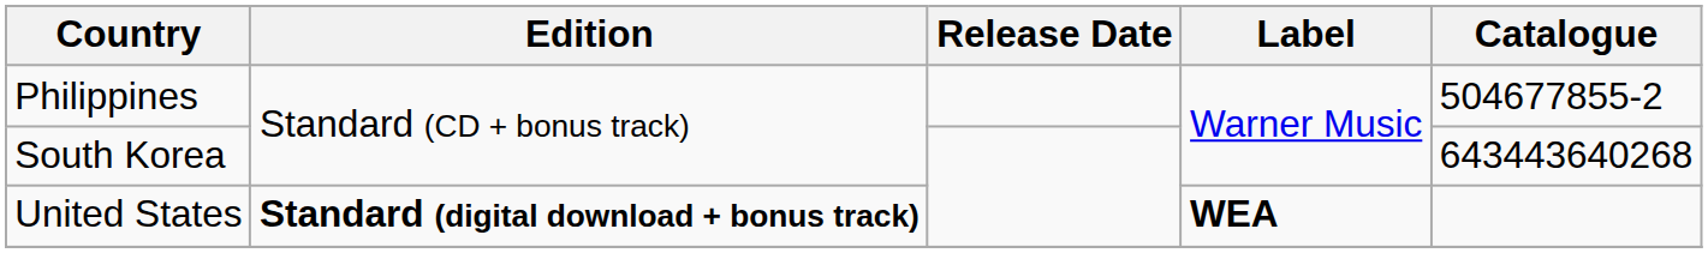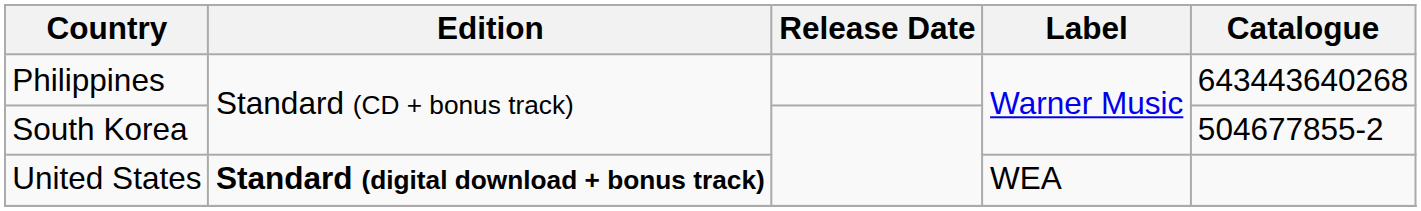 <table class="wikitable">
 <tr>
 <th>Country</th>
 <th>Edition</th>
 <th>Release Date</th>
 <th>Label</th>
 <th>Catalogue</th>
 </tr>
 <tr>
 <td>Philippines</td>
 <td rowspan="2">Standard <small>(CD + bonus track)</small></td>
 <td></td>
 <td rowspan="2"><a href='#'>Warner Music</a></td>
-<td>504677855-2</td>
+<td>643443640268</td>
 </tr>
 <tr>
 <td>South Korea </td>
 <td rowspan="2"></td>
-<td>643443640268</td>
+<td>504677855-2</td>
 </tr>
 <tr>
 <td>United States</td>
 <td><strong>Standard <small>(digital download + bonus track)</small></strong></td>
-<td><strong>WEA</strong></td>
+<td>WEA</td>
 <td></td>
 </tr>
 <tr>
 </tr>
 </table>
